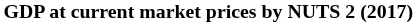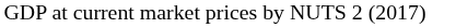 <table border="0" cellpadding="2" cellspacing="0" style="float:left;">
 <tr>
 <td></td>
 </tr>
 <tr>
-<td style="text-align:center; font-size:100%;"><strong>GDP at current market prices by NUTS 2 (2017)</strong></td>
+<td style="text-align:center; font-size:100%;">GDP at current market prices by NUTS 2 (2017)</td>
 </tr>
 </table>
